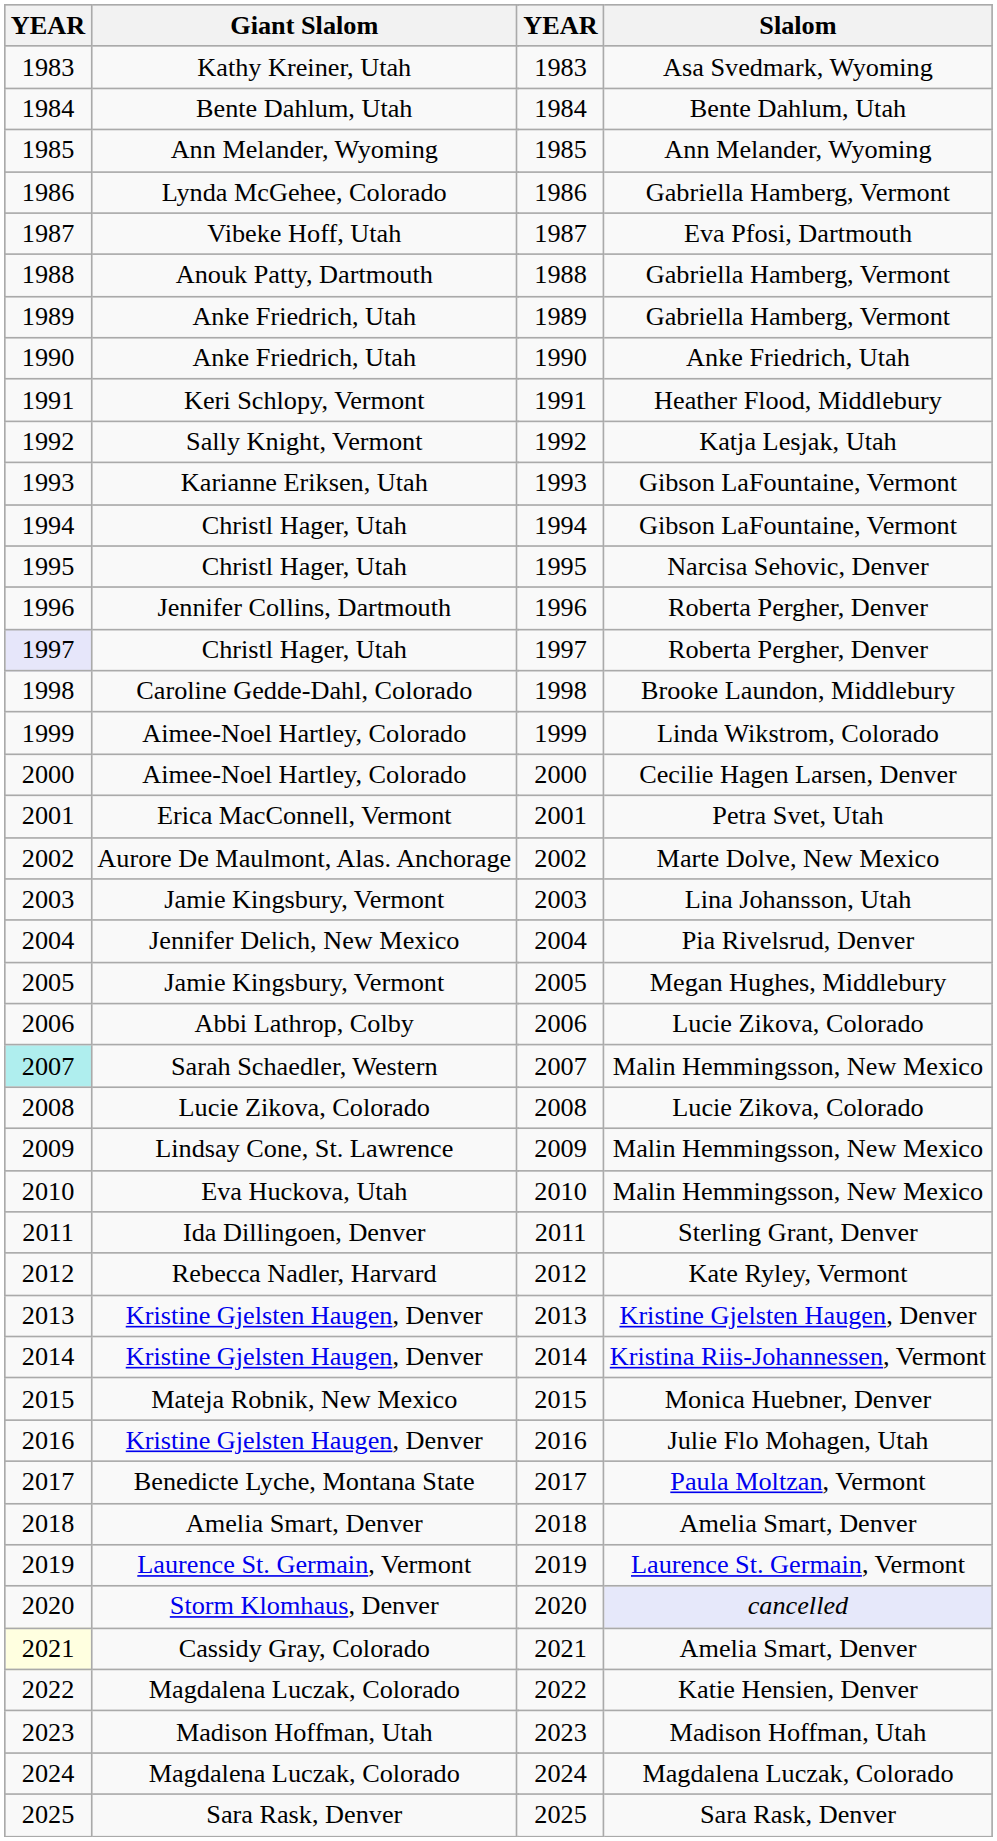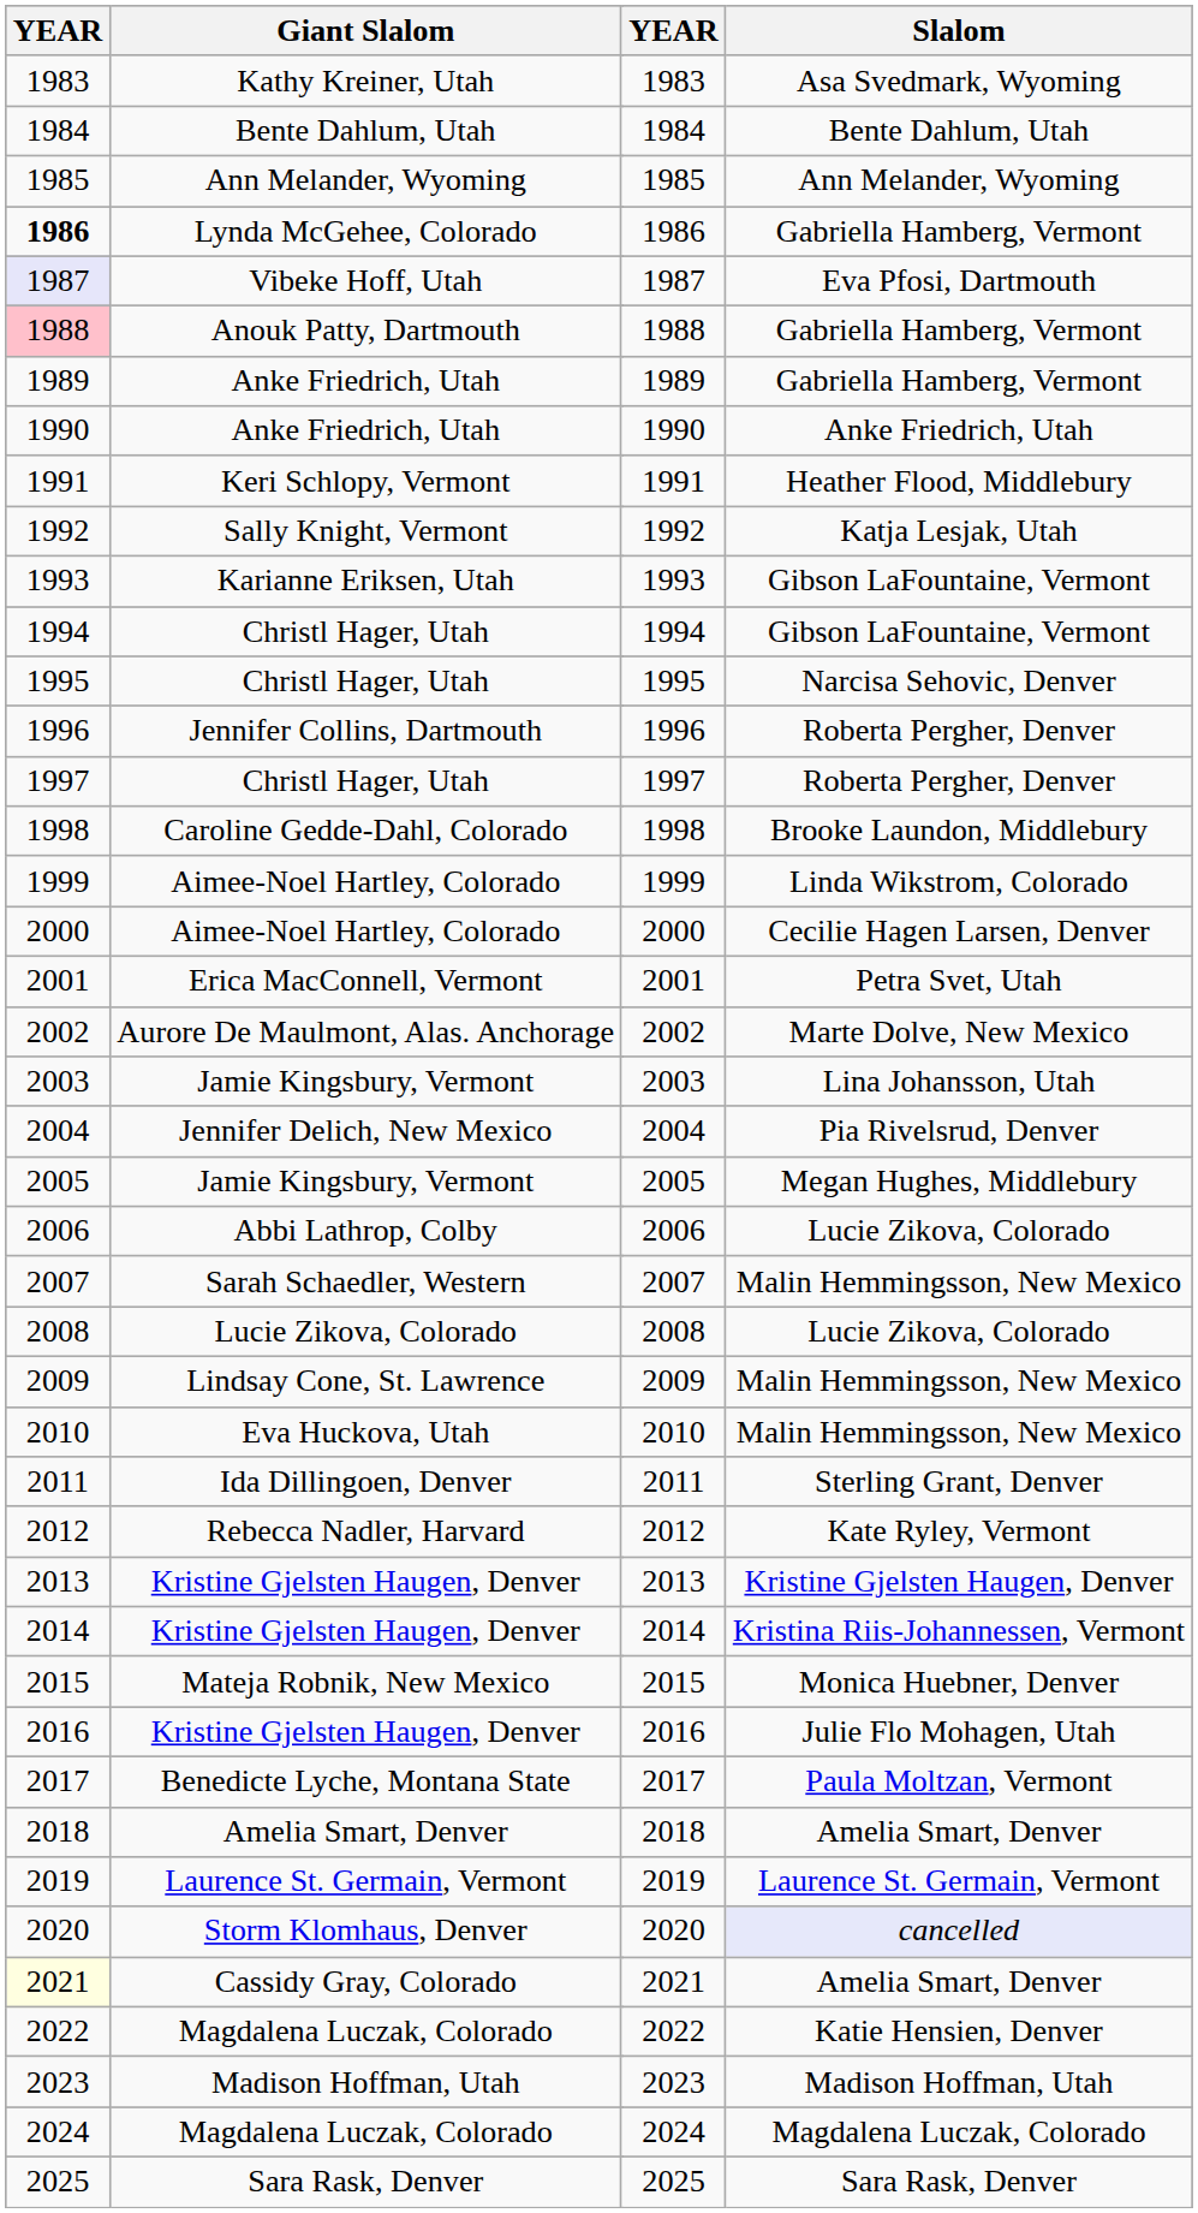 <table class="wikitable" style="text-align:center">
 <tr>
 <th><strong>YEAR</strong></th>
 <th colspan="2"><strong>Giant Slalom</strong></th>
 <th><strong>YEAR</strong></th>
 <th colspan="2"><strong>Slalom</strong></th>
 </tr>
 <tr>
 <td>1983</td>
 <td colspan="2">Kathy Kreiner, Utah</td>
 <td>1983</td>
 <td colspan="2">Asa Svedmark, Wyoming</td>
 </tr>
 <tr>
 <td>1984</td>
 <td colspan="2">Bente Dahlum, Utah</td>
 <td>1984</td>
 <td colspan="2">Bente Dahlum, Utah</td>
 </tr>
 <tr>
 <td>1985</td>
 <td colspan="2">Ann Melander, Wyoming</td>
 <td>1985</td>
 <td colspan="2">Ann Melander, Wyoming</td>
 </tr>
 <tr>
-<td>1986</td>
+<td><strong>1986</strong></td>
 <td colspan="2">Lynda McGehee, Colorado</td>
 <td>1986</td>
 <td colspan="2">Gabriella Hamberg, Vermont</td>
 </tr>
 <tr>
-<td>1987</td>
+<td style="background: lavender;">1987</td>
 <td colspan="2">Vibeke Hoff, Utah</td>
 <td>1987</td>
 <td colspan="2">Eva Pfosi, Dartmouth</td>
 </tr>
 <tr>
-<td>1988</td>
+<td style="background: pink;">1988</td>
 <td colspan="2">Anouk Patty, Dartmouth</td>
 <td>1988</td>
 <td colspan="2">Gabriella Hamberg, Vermont</td>
 </tr>
 <tr>
 <td>1989</td>
 <td colspan="2">Anke Friedrich, Utah</td>
 <td>1989</td>
 <td colspan="2">Gabriella Hamberg, Vermont</td>
 </tr>
 <tr>
 <td>1990</td>
 <td colspan="2">Anke Friedrich, Utah</td>
 <td>1990</td>
 <td colspan="2">Anke Friedrich, Utah</td>
 </tr>
 <tr>
 <td>1991</td>
 <td colspan="2">Keri Schlopy, Vermont</td>
 <td>1991</td>
 <td colspan="2">Heather Flood, Middlebury</td>
 </tr>
 <tr>
 <td>1992</td>
 <td colspan="2">Sally Knight, Vermont</td>
 <td>1992</td>
 <td colspan="2">Katja Lesjak, Utah</td>
 </tr>
 <tr>
 <td>1993</td>
 <td colspan="2">Karianne Eriksen, Utah</td>
 <td>1993</td>
 <td colspan="2">Gibson LaFountaine, Vermont</td>
 </tr>
 <tr>
 <td>1994</td>
 <td colspan="2">Christl Hager, Utah</td>
 <td>1994</td>
 <td colspan="2">Gibson LaFountaine, Vermont</td>
 </tr>
 <tr>
 <td>1995</td>
 <td colspan="2">Christl Hager, Utah</td>
 <td>1995</td>
 <td colspan="2">Narcisa Sehovic, Denver</td>
 </tr>
 <tr>
 <td>1996</td>
 <td colspan="2">Jennifer Collins, Dartmouth</td>
 <td>1996</td>
 <td colspan="2">Roberta Pergher, Denver</td>
 </tr>
 <tr>
-<td style="background: lavender;">1997</td>
+<td>1997</td>
 <td colspan="2">Christl Hager, Utah</td>
 <td>1997</td>
 <td colspan="2">Roberta Pergher, Denver</td>
 </tr>
 <tr>
 <td>1998</td>
 <td colspan="2">Caroline Gedde-Dahl, Colorado</td>
 <td>1998</td>
 <td colspan="2">Brooke Laundon, Middlebury</td>
 </tr>
 <tr>
 <td>1999</td>
 <td colspan="2">Aimee-Noel Hartley, Colorado</td>
 <td>1999</td>
 <td colspan="2">Linda Wikstrom, Colorado</td>
 </tr>
 <tr>
 <td>2000</td>
 <td colspan="2">Aimee-Noel Hartley, Colorado</td>
 <td>2000</td>
 <td colspan="2">Cecilie Hagen Larsen, Denver</td>
 </tr>
 <tr>
 <td>2001</td>
 <td colspan="2">Erica MacConnell, Vermont</td>
 <td>2001</td>
 <td colspan="2">Petra Svet, Utah</td>
 </tr>
 <tr>
 <td>2002</td>
 <td colspan="2">Aurore De Maulmont, Alas. Anchorage</td>
 <td>2002</td>
 <td colspan="2">Marte Dolve, New Mexico</td>
 </tr>
 <tr>
 <td>2003</td>
 <td colspan="2">Jamie Kingsbury, Vermont</td>
 <td>2003</td>
 <td colspan="2">Lina Johansson, Utah</td>
 </tr>
 <tr>
 <td>2004</td>
 <td colspan="2">Jennifer Delich, New Mexico</td>
 <td>2004</td>
 <td colspan="2">Pia Rivelsrud, Denver</td>
 </tr>
 <tr>
 <td>2005</td>
 <td colspan="2">Jamie Kingsbury, Vermont</td>
 <td>2005</td>
 <td colspan="2">Megan Hughes, Middlebury</td>
 </tr>
 <tr>
 <td>2006</td>
 <td colspan="2">Abbi Lathrop, Colby</td>
 <td>2006</td>
 <td colspan="2">Lucie Zikova, Colorado</td>
 </tr>
 <tr>
-<td style="background: paleturquoise;">2007</td>
+<td>2007</td>
 <td colspan="2">Sarah Schaedler, Western</td>
 <td>2007</td>
 <td colspan="2">Malin Hemmingsson, New Mexico</td>
 </tr>
 <tr>
 <td>2008</td>
 <td colspan="2">Lucie Zikova, Colorado</td>
 <td>2008</td>
 <td colspan="2">Lucie Zikova, Colorado</td>
 </tr>
 <tr>
 <td>2009</td>
 <td colspan="2">Lindsay Cone, St. Lawrence</td>
 <td>2009</td>
 <td colspan="2">Malin Hemmingsson, New Mexico</td>
 </tr>
 <tr>
 <td>2010</td>
 <td colspan="2">Eva Huckova, Utah</td>
 <td>2010</td>
 <td colspan="2">Malin Hemmingsson, New Mexico</td>
 </tr>
 <tr>
 <td>2011</td>
 <td colspan="2">Ida Dillingoen, Denver</td>
 <td>2011</td>
 <td colspan="2">Sterling Grant, Denver</td>
 </tr>
 <tr>
 <td>2012</td>
 <td colspan="2">Rebecca Nadler, Harvard</td>
 <td>2012</td>
 <td colspan="2">Kate Ryley, Vermont</td>
 </tr>
 <tr>
 <td>2013</td>
 <td colspan="2"><a href='#'>Kristine Gjelsten Haugen</a>, Denver</td>
 <td>2013</td>
 <td colspan="2"><a href='#'>Kristine Gjelsten Haugen</a>, Denver</td>
 </tr>
 <tr>
 <td>2014</td>
 <td colspan="2"><a href='#'>Kristine Gjelsten Haugen</a>, Denver</td>
 <td>2014</td>
 <td colspan="2"><a href='#'>Kristina Riis-Johannessen</a>, Vermont</td>
 </tr>
 <tr>
 <td>2015</td>
 <td colspan="2">Mateja Robnik, New Mexico</td>
 <td>2015</td>
 <td colspan="2">Monica Huebner, Denver</td>
 </tr>
 <tr>
 <td>2016</td>
 <td colspan="2"><a href='#'>Kristine Gjelsten Haugen</a>, Denver</td>
 <td>2016</td>
 <td colspan="2">Julie Flo Mohagen, Utah</td>
 </tr>
 <tr>
 <td>2017</td>
 <td colspan="2">Benedicte Lyche, Montana State</td>
 <td>2017</td>
 <td colspan="2"><a href='#'>Paula Moltzan</a>, Vermont</td>
 </tr>
 <tr>
 <td>2018</td>
 <td colspan="2">Amelia Smart, Denver</td>
 <td>2018</td>
 <td colspan="2">Amelia Smart, Denver</td>
 </tr>
 <tr>
 <td>2019</td>
 <td colspan="2"><a href='#'>Laurence St. Germain</a>, Vermont</td>
 <td>2019</td>
 <td colspan="2"><a href='#'>Laurence St. Germain</a>, Vermont</td>
 </tr>
 <tr>
 <td>2020</td>
 <td colspan="2"><a href='#'>Storm Klomhaus</a>, Denver</td>
 <td>2020</td>
 <td align=center bgcolor="E6E8FA"><em>cancelled</em></td>
 </tr>
 <tr>
 <td style="background: lightyellow;">2021</td>
 <td colspan="2">Cassidy Gray, Colorado</td>
 <td>2021</td>
 <td colspan="2">Amelia Smart, Denver</td>
 </tr>
 <tr>
 <td>2022</td>
 <td colspan="2">Magdalena Luczak, Colorado</td>
 <td>2022</td>
 <td colspan="2">Katie Hensien, Denver</td>
 </tr>
 <tr>
 <td>2023</td>
 <td colspan="2">Madison Hoffman, Utah</td>
 <td>2023</td>
 <td colspan="2">Madison Hoffman, Utah</td>
 </tr>
 <tr>
 <td>2024</td>
 <td colspan="2">Magdalena Luczak, Colorado</td>
 <td>2024</td>
 <td colspan="2">Magdalena Luczak, Colorado</td>
 </tr>
 <tr>
 <td>2025</td>
 <td colspan="2">Sara Rask, Denver</td>
 <td>2025</td>
 <td colspan="2">Sara Rask, Denver</td>
 </tr>
 </table>
